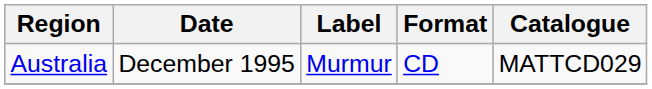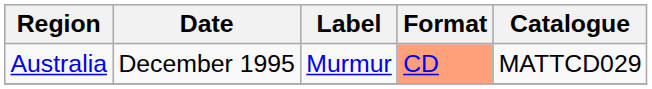 <table class="wikitable">
 <tr>
 <th>Region</th>
 <th>Date</th>
 <th>Label</th>
 <th>Format</th>
 <th>Catalogue</th>
 </tr>
 <tr>
 <td><a href='#'>Australia</a></td>
 <td>December 1995</td>
 <td><a href='#'>Murmur</a></td>
-<td><a href='#'>CD</a></td>
+<td style="background: lightsalmon;"><a href='#'>CD</a></td>
 <td>MATTCD029</td>
 </tr>
 <tr>
 </tr>
 </table>
